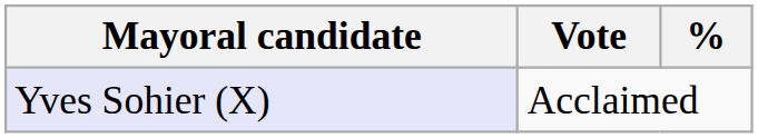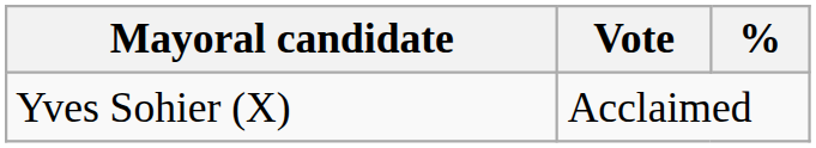 <table class="wikitable">
 <tr>
 <th bgcolor="#DDDDFF" width="200px">Mayoral candidate</th>
 <th bgcolor="#DDDDFF" width="50px">Vote</th>
 <th bgcolor="#DDDDFF"  width="30px">%</th>
 </tr>
 <tr>
-<td style="background: lavender;">Yves Sohier (X)</td>
+<td>Yves Sohier (X)</td>
 <td colspan="2">Acclaimed</td>
 </tr>
 </table>
